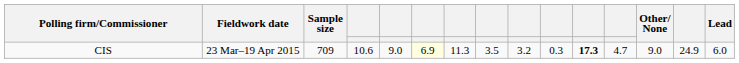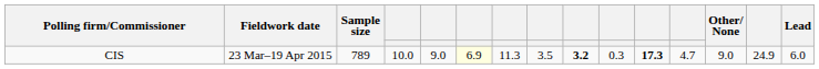 <table class="wikitable collapsible collapsed" style="text-align:center; font-size:90%; line-height:14px;">
 <tr style="height:42px;">
 <th style="width:250px;" rowspan="2">Polling firm/Commissioner</th>
 <th style="width:125px;" rowspan="2">Fieldwork date</th>
 <th style="width:50px;" rowspan="2">Sample size</th>
 <th style="width:35px;"></th>
 <th style="width:35px;"></th>
 <th style="width:35px;"></th>
 <th style="width:35px;"></th>
 <th style="width:35px;"></th>
 <th style="width:35px;"></th>
 <th style="width:35px;"></th>
 <th style="width:35px;"></th>
 <th style="width:35px;"></th>
 <th style="width:35px;" rowspan="2">Other/<br>None</th>
 <th style="width:35px;" rowspan="2"></th>
 <th style="width:30px;" rowspan="2">Lead</th>
 </tr>
 <tr>
 <th style="color:inherit;background:"></th>
 <th style="color:inherit;background:"></th>
 <th style="color:inherit;background:"></th>
 <th style="color:inherit;background:"></th>
 <th style="color:inherit;background:"></th>
 <th style="color:inherit;background:"></th>
 <th style="color:inherit;background:"></th>
 <th style="color:inherit;background:"></th>
 <th style="color:inherit;background:"></th>
 </tr>
 <tr>
 <td>CIS</td>
 <td>23 Mar–19 Apr 2015</td>
-<td>709</td>
-<td>10.6</td>
+<td>789</td>
+<td>10.0</td>
 <td>9.0</td>
 <td style="background: lightyellow;">6.9</td>
 <td>11.3</td>
 <td>3.5</td>
-<td>3.2</td>
+<td><strong>3.2</strong></td>
 <td>0.3</td>
 <td><strong>17.3</strong></td>
 <td>4.7</td>
 <td>9.0</td>
 <td>24.9</td>
 <td style="background:">6.0</td>
 </tr>
 </table>
